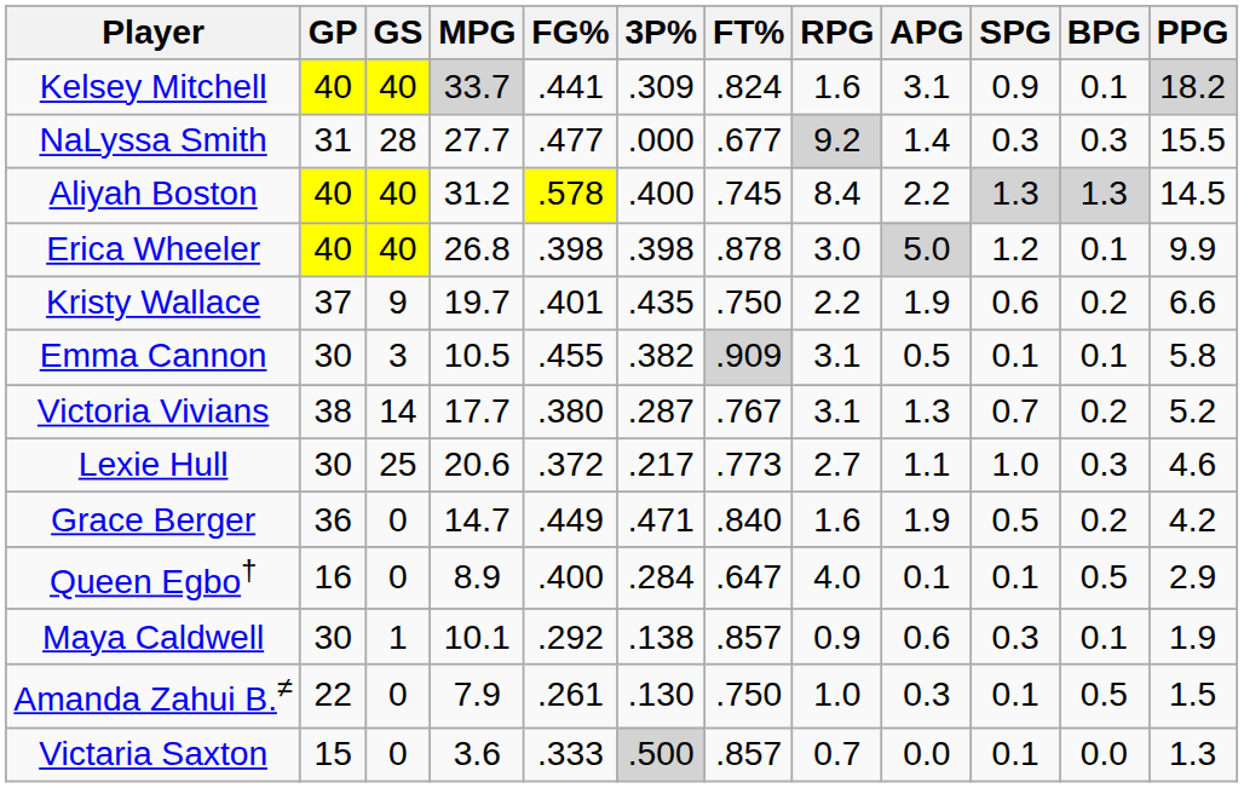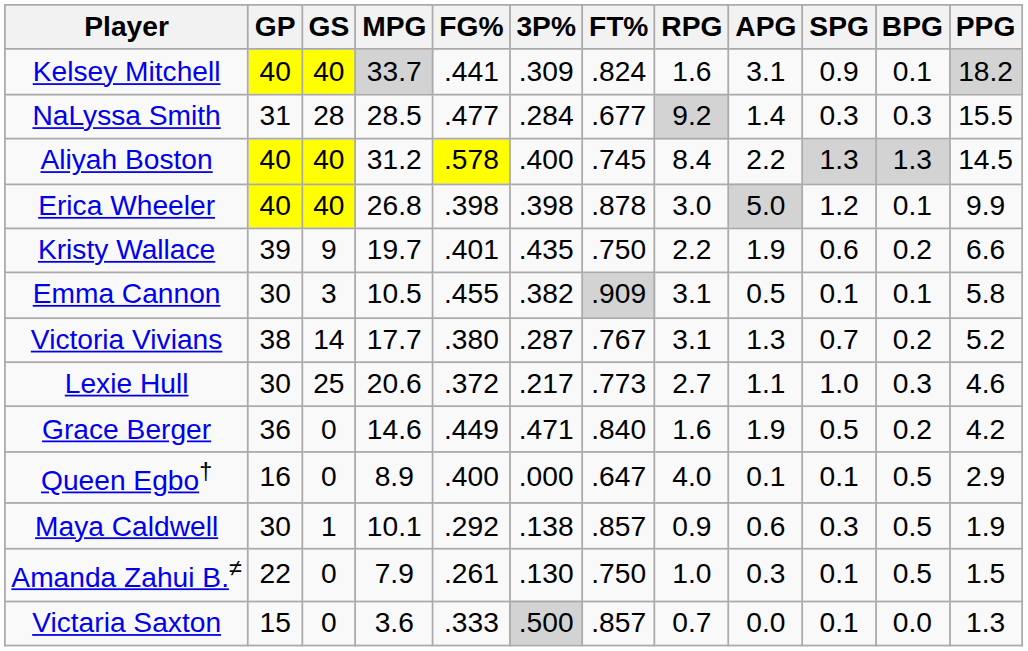 <table class="wikitable sortable" style="text-align:center;">
 <tr>
 <th>Player</th>
 <th>GP</th>
 <th>GS</th>
 <th>MPG</th>
 <th>FG%</th>
 <th>3P%</th>
 <th>FT%</th>
 <th>RPG</th>
 <th>APG</th>
 <th>SPG</th>
 <th>BPG</th>
 <th>PPG</th>
 </tr>
 <tr>
 <td><a href='#'>Kelsey Mitchell</a></td>
 <td style="background:yellow;">40</td>
 <td style="background:yellow;">40</td>
 <td style="background:#D3D3D3;">33.7</td>
 <td>.441</td>
 <td>.309</td>
 <td>.824</td>
 <td>1.6</td>
 <td>3.1</td>
 <td>0.9</td>
 <td>0.1</td>
 <td style="background:#D3D3D3;">18.2</td>
 </tr>
 <tr>
 <td><a href='#'>NaLyssa Smith</a></td>
 <td>31</td>
 <td>28</td>
-<td>27.7</td>
+<td>28.5</td>
 <td>.477</td>
-<td>.000</td>
+<td>.284</td>
 <td>.677</td>
 <td style="background:#D3D3D3;">9.2</td>
 <td>1.4</td>
 <td>0.3</td>
 <td>0.3</td>
 <td>15.5</td>
 </tr>
 <tr>
 <td><a href='#'>Aliyah Boston</a></td>
 <td style="background:yellow;">40</td>
 <td style="background:yellow;">40</td>
 <td>31.2</td>
 <td style="background:yellow;">.578</td>
 <td>.400</td>
 <td>.745</td>
 <td>8.4</td>
 <td>2.2</td>
 <td style="background:#D3D3D3;">1.3</td>
 <td style="background:#D3D3D3;">1.3</td>
 <td>14.5</td>
 </tr>
 <tr>
 <td><a href='#'>Erica Wheeler</a></td>
 <td style="background:yellow;">40</td>
 <td style="background:yellow;">40</td>
 <td>26.8</td>
 <td>.398</td>
 <td>.398</td>
 <td>.878</td>
 <td>3.0</td>
 <td style="background:#D3D3D3;">5.0</td>
 <td>1.2</td>
 <td>0.1</td>
 <td>9.9</td>
 </tr>
 <tr>
 <td><a href='#'>Kristy Wallace</a></td>
-<td>37</td>
+<td>39</td>
 <td>9</td>
 <td>19.7</td>
 <td>.401</td>
 <td>.435</td>
 <td>.750</td>
 <td>2.2</td>
 <td>1.9</td>
 <td>0.6</td>
 <td>0.2</td>
 <td>6.6</td>
 </tr>
 <tr>
 <td><a href='#'>Emma Cannon</a></td>
 <td>30</td>
 <td>3</td>
 <td>10.5</td>
 <td>.455</td>
 <td>.382</td>
 <td style="background:#D3D3D3;">.909</td>
 <td>3.1</td>
 <td>0.5</td>
 <td>0.1</td>
 <td>0.1</td>
 <td>5.8</td>
 </tr>
 <tr>
 <td><a href='#'>Victoria Vivians</a></td>
 <td>38</td>
 <td>14</td>
 <td>17.7</td>
 <td>.380</td>
 <td>.287</td>
 <td>.767</td>
 <td>3.1</td>
 <td>1.3</td>
 <td>0.7</td>
 <td>0.2</td>
 <td>5.2</td>
 </tr>
 <tr>
 <td><a href='#'>Lexie Hull</a></td>
 <td>30</td>
 <td>25</td>
 <td>20.6</td>
 <td>.372</td>
 <td>.217</td>
 <td>.773</td>
 <td>2.7</td>
 <td>1.1</td>
 <td>1.0</td>
 <td>0.3</td>
 <td>4.6</td>
 </tr>
 <tr>
 <td><a href='#'>Grace Berger</a></td>
 <td>36</td>
 <td>0</td>
-<td>14.7</td>
+<td>14.6</td>
 <td>.449</td>
 <td>.471</td>
 <td>.840</td>
 <td>1.6</td>
 <td>1.9</td>
 <td>0.5</td>
 <td>0.2</td>
 <td>4.2</td>
 </tr>
 <tr>
 <td><a href='#'>Queen Egbo</a><sup>†</sup></td>
 <td>16</td>
 <td>0</td>
 <td>8.9</td>
 <td>.400</td>
-<td>.284</td>
+<td>.000</td>
 <td>.647</td>
 <td>4.0</td>
 <td>0.1</td>
 <td>0.1</td>
 <td>0.5</td>
 <td>2.9</td>
 </tr>
 <tr>
 <td><a href='#'>Maya Caldwell</a></td>
 <td>30</td>
 <td>1</td>
 <td>10.1</td>
 <td>.292</td>
 <td>.138</td>
 <td>.857</td>
 <td>0.9</td>
 <td>0.6</td>
 <td>0.3</td>
-<td>0.1</td>
+<td>0.5</td>
 <td>1.9</td>
 </tr>
 <tr>
 <td><a href='#'>Amanda Zahui B.</a><sup>≠</sup></td>
 <td>22</td>
 <td>0</td>
 <td>7.9</td>
 <td>.261</td>
 <td>.130</td>
 <td>.750</td>
 <td>1.0</td>
 <td>0.3</td>
 <td>0.1</td>
 <td>0.5</td>
 <td>1.5</td>
 </tr>
 <tr>
 <td><a href='#'>Victaria Saxton</a></td>
 <td>15</td>
 <td>0</td>
 <td>3.6</td>
 <td>.333</td>
 <td style="background:#D3D3D3;">.500</td>
 <td>.857</td>
 <td>0.7</td>
 <td>0.0</td>
 <td>0.1</td>
 <td>0.0</td>
 <td>1.3</td>
 </tr>
 </table>
